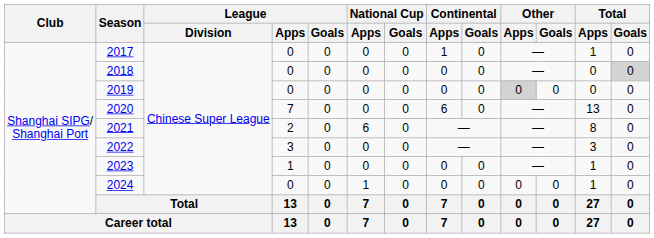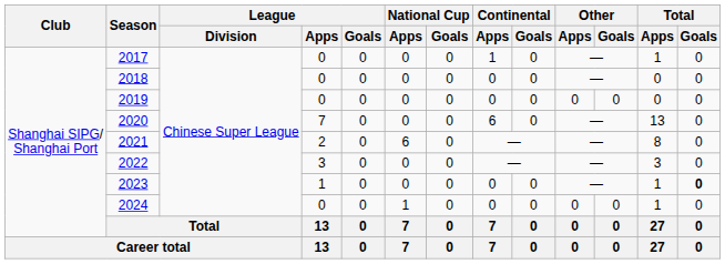 <table class="wikitable" style="text-align: center">
 <tr>
 <th rowspan="2">Club</th>
 <th rowspan="2">Season</th>
 <th colspan="3">League</th>
 <th colspan="2">National Cup</th>
 <th colspan="2">Continental</th>
 <th colspan="2">Other</th>
 <th colspan="2">Total</th>
 </tr>
 <tr>
 <th>Division</th>
 <th>Apps</th>
 <th>Goals</th>
 <th>Apps</th>
 <th>Goals</th>
 <th>Apps</th>
 <th>Goals</th>
 <th>Apps</th>
 <th>Goals</th>
 <th>Apps</th>
 <th>Goals</th>
 </tr>
 <tr>
 <td rowspan=9><a href='#'>Shanghai SIPG</a>/<br><a href='#'>Shanghai Port</a></td>
 <td><a href='#'>2017</a></td>
 <td rowspan=8><a href='#'>Chinese Super League</a></td>
 <td>0</td>
 <td>0</td>
 <td>0</td>
 <td>0</td>
 <td>1</td>
 <td>0</td>
 <td colspan="2">—</td>
 <td>1</td>
 <td>0</td>
 </tr>
 <tr>
 <td><a href='#'>2018</a></td>
 <td>0</td>
 <td>0</td>
 <td>0</td>
 <td>0</td>
 <td>0</td>
 <td>0</td>
 <td colspan="2">—</td>
 <td>0</td>
-<td style="background: lightgrey;">0</td>
+<td>0</td>
 </tr>
 <tr>
 <td><a href='#'>2019</a></td>
 <td>0</td>
 <td>0</td>
 <td>0</td>
 <td>0</td>
 <td>0</td>
 <td>0</td>
-<td style="background: lightgrey;">0</td>
+<td>0</td>
 <td>0</td>
 <td>0</td>
 <td>0</td>
 </tr>
 <tr>
 <td><a href='#'>2020</a></td>
 <td>7</td>
 <td>0</td>
 <td>0</td>
 <td>0</td>
 <td>6</td>
 <td>0</td>
 <td colspan="2">—</td>
 <td>13</td>
 <td>0</td>
 </tr>
 <tr>
 <td><a href='#'>2021</a></td>
 <td>2</td>
 <td>0</td>
 <td>6</td>
 <td>0</td>
 <td colspan="2">—</td>
 <td colspan="2">—</td>
 <td>8</td>
 <td>0</td>
 </tr>
 <tr>
 <td><a href='#'>2022</a></td>
 <td>3</td>
 <td>0</td>
 <td>0</td>
 <td>0</td>
 <td colspan="2">—</td>
 <td colspan="2">—</td>
 <td>3</td>
 <td>0</td>
 </tr>
 <tr>
 <td><a href='#'>2023</a></td>
 <td>1</td>
 <td>0</td>
 <td>0</td>
 <td>0</td>
 <td>0</td>
 <td>0</td>
 <td colspan="2">—</td>
 <td>1</td>
-<td>0</td>
+<td><strong>0</strong></td>
 </tr>
 <tr>
 <td><a href='#'>2024</a></td>
 <td>0</td>
 <td>0</td>
 <td>1</td>
 <td>0</td>
 <td>0</td>
 <td>0</td>
 <td>0</td>
 <td>0</td>
 <td>1</td>
 <td>0</td>
 </tr>
 <tr>
 <th colspan=2>Total</th>
 <th>13</th>
 <th>0</th>
 <th>7</th>
 <th>0</th>
 <th>7</th>
 <th>0</th>
 <th>0</th>
 <th>0</th>
 <th>27</th>
 <th>0</th>
 </tr>
 <tr>
 <th colspan=3>Career total</th>
 <th>13</th>
 <th>0</th>
 <th>7</th>
 <th>0</th>
 <th>7</th>
 <th>0</th>
 <th>0</th>
 <th>0</th>
 <th>27</th>
 <th>0</th>
 </tr>
 </table>
